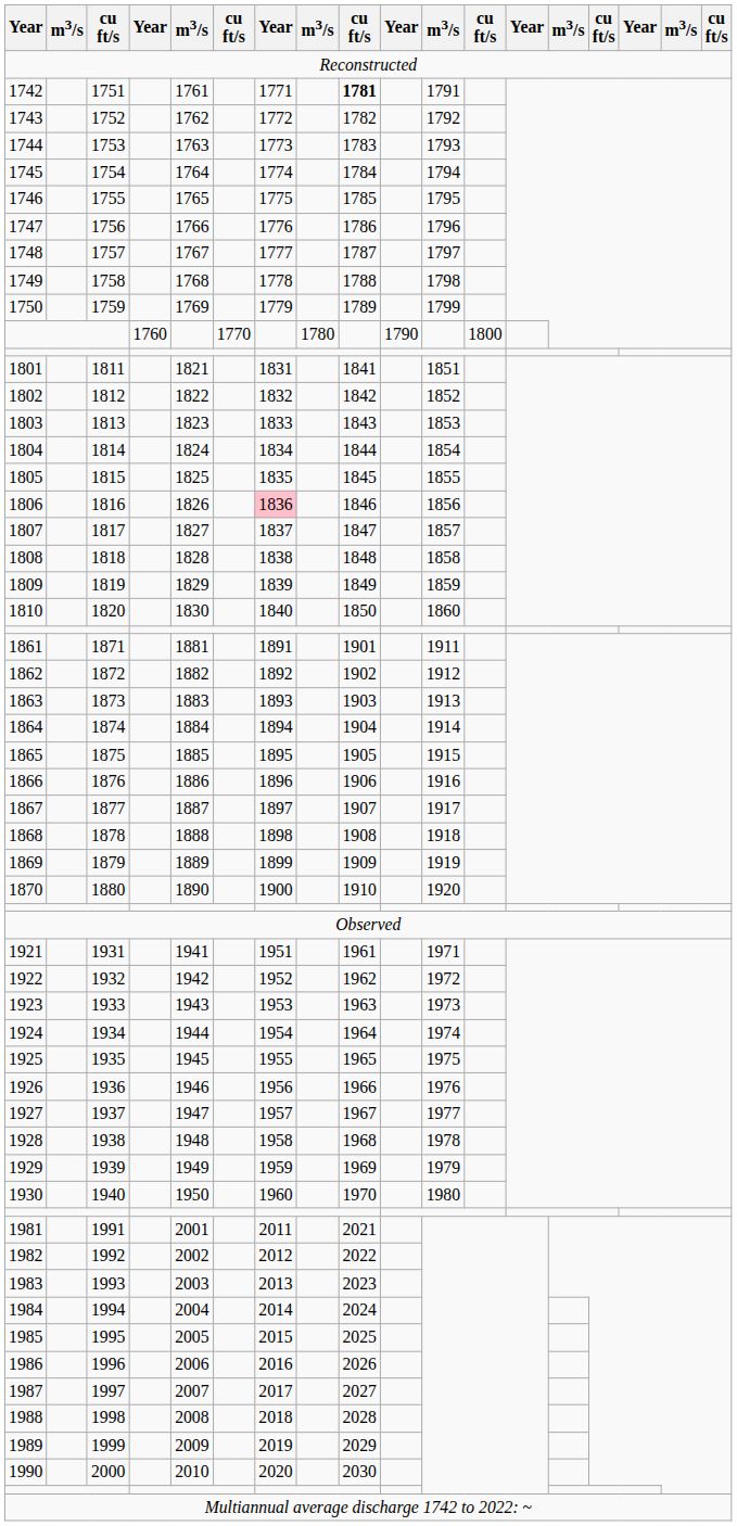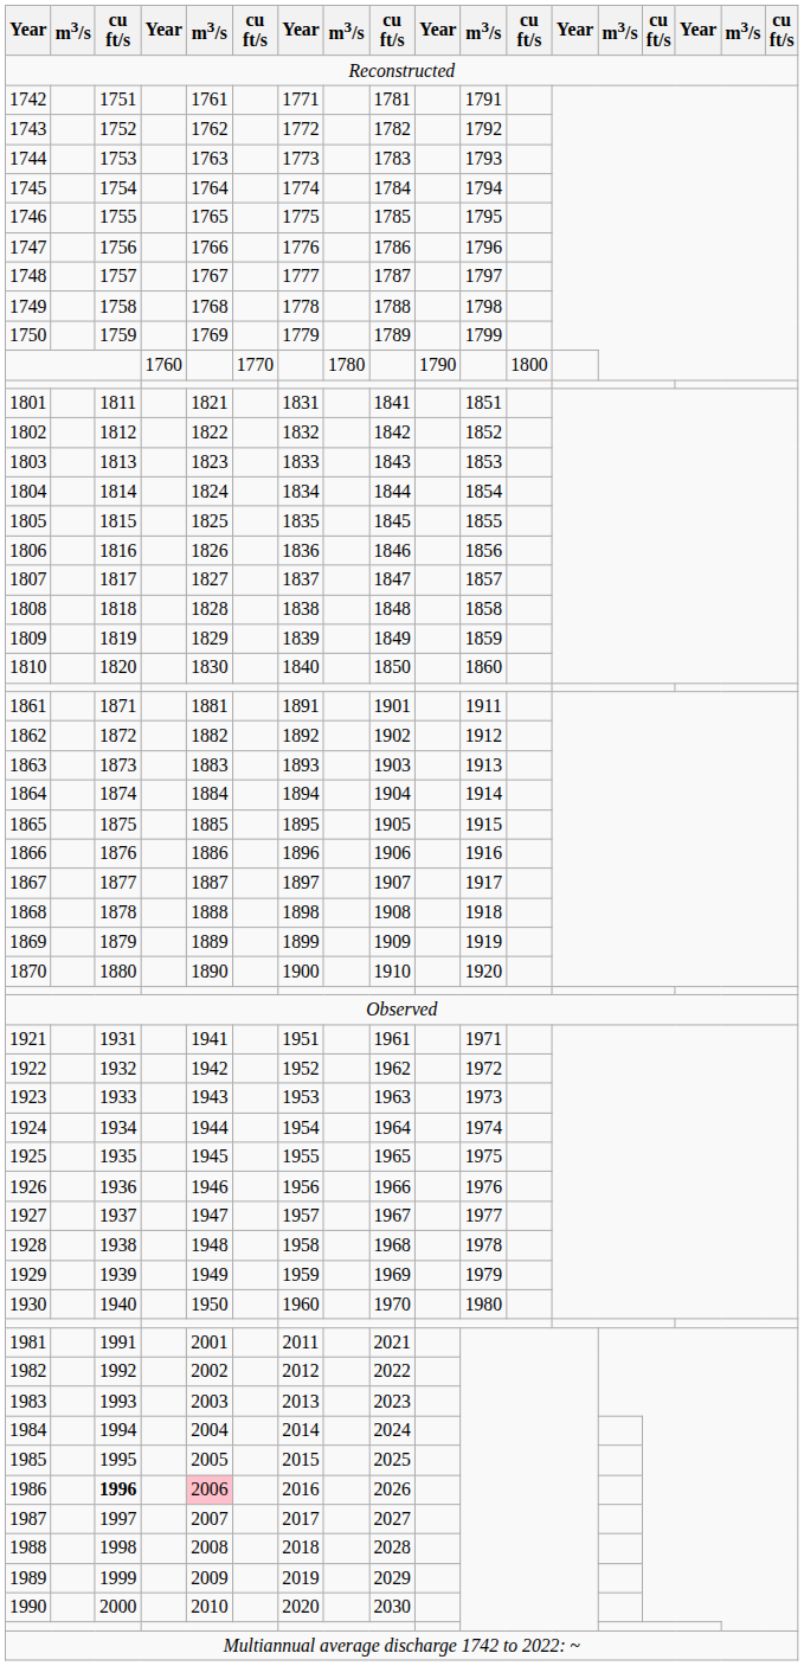 <table class="wikitable" style="text-align:center;">
 <tr>
 <th>Year</th>
 <th>m<sup>3</sup>/s</th>
 <th>cu ft/s</th>
 <th>Year</th>
 <th>m<sup>3</sup>/s</th>
 <th>cu ft/s</th>
 <th>Year</th>
 <th>m<sup>3</sup>/s</th>
 <th>cu ft/s</th>
 <th>Year</th>
 <th>m<sup>3</sup>/s</th>
 <th>cu ft/s</th>
 <th>Year</th>
 <th>m<sup>3</sup>/s</th>
 <th>cu ft/s</th>
 <th>Year</th>
 <th>m<sup>3</sup>/s</th>
 <th>cu ft/s</th>
 </tr>
 <tr>
 <td colspan="18"><em>Reconstructed</em></td>
 </tr>
 <tr>
 <td>1742</td>
 <td></td>
 <td>1751</td>
 <td></td>
 <td>1761</td>
 <td></td>
 <td>1771</td>
 <td></td>
-<td><strong>1781</strong></td>
+<td>1781</td>
 <td></td>
 <td>1791</td>
 <td></td>
 </tr>
 <tr>
 <td>1743</td>
 <td></td>
 <td>1752</td>
 <td></td>
 <td>1762</td>
 <td></td>
 <td>1772</td>
 <td></td>
 <td>1782</td>
 <td></td>
 <td>1792</td>
 <td></td>
 </tr>
 <tr>
 <td>1744</td>
 <td></td>
 <td>1753</td>
 <td></td>
 <td>1763</td>
 <td></td>
 <td>1773</td>
 <td></td>
 <td>1783</td>
 <td></td>
 <td>1793</td>
 <td></td>
 </tr>
 <tr>
 <td>1745</td>
 <td></td>
 <td>1754</td>
 <td></td>
 <td>1764</td>
 <td></td>
 <td>1774</td>
 <td></td>
 <td>1784</td>
 <td></td>
 <td>1794</td>
 <td></td>
 </tr>
 <tr>
 <td>1746</td>
 <td></td>
 <td>1755</td>
 <td></td>
 <td>1765</td>
 <td></td>
 <td>1775</td>
 <td></td>
 <td>1785</td>
 <td></td>
 <td>1795</td>
 <td></td>
 </tr>
 <tr>
 <td>1747</td>
 <td></td>
 <td>1756</td>
 <td></td>
 <td>1766</td>
 <td></td>
 <td>1776</td>
 <td></td>
 <td>1786</td>
 <td></td>
 <td>1796</td>
 <td></td>
 </tr>
 <tr>
 <td>1748</td>
 <td></td>
 <td>1757</td>
 <td></td>
 <td>1767</td>
 <td></td>
 <td>1777</td>
 <td></td>
 <td>1787</td>
 <td></td>
 <td>1797</td>
 <td></td>
 </tr>
 <tr>
 <td>1749</td>
 <td></td>
 <td>1758</td>
 <td></td>
 <td>1768</td>
 <td></td>
 <td>1778</td>
 <td></td>
 <td>1788</td>
 <td></td>
 <td>1798</td>
 <td></td>
 </tr>
 <tr>
 <td>1750</td>
 <td></td>
 <td>1759</td>
 <td></td>
 <td>1769</td>
 <td></td>
 <td>1779</td>
 <td></td>
 <td>1789</td>
 <td></td>
 <td>1799</td>
 <td></td>
 </tr>
 <tr>
 <td colspan="3"></td>
 <td>1760</td>
 <td></td>
 <td>1770</td>
 <td></td>
 <td>1780</td>
 <td></td>
 <td>1790</td>
 <td></td>
 <td>1800</td>
 <td></td>
 </tr>
 <tr>
 <td colspan="3"><strong></strong></td>
 <td colspan="3"><strong></strong></td>
 <td colspan="3"><strong></strong></td>
 <td colspan="3"><strong></strong></td>
 <td colspan="3"><strong></strong></td>
 <td colspan="3"><strong></strong></td>
 </tr>
 <tr>
 <td>1801</td>
 <td></td>
 <td>1811</td>
 <td></td>
 <td>1821</td>
 <td></td>
 <td>1831</td>
 <td></td>
 <td>1841</td>
 <td></td>
 <td>1851</td>
 <td></td>
 </tr>
 <tr>
 <td>1802</td>
 <td></td>
 <td>1812</td>
 <td></td>
 <td>1822</td>
 <td></td>
 <td>1832</td>
 <td></td>
 <td>1842</td>
 <td></td>
 <td>1852</td>
 <td></td>
 </tr>
 <tr>
 <td>1803</td>
 <td></td>
 <td>1813</td>
 <td></td>
 <td>1823</td>
 <td></td>
 <td>1833</td>
 <td></td>
 <td>1843</td>
 <td></td>
 <td>1853</td>
 <td></td>
 </tr>
 <tr>
 <td>1804</td>
 <td></td>
 <td>1814</td>
 <td></td>
 <td>1824</td>
 <td></td>
 <td>1834</td>
 <td></td>
 <td>1844</td>
 <td></td>
 <td>1854</td>
 <td></td>
 </tr>
 <tr>
 <td>1805</td>
 <td></td>
 <td>1815</td>
 <td></td>
 <td>1825</td>
 <td></td>
 <td>1835</td>
 <td></td>
 <td>1845</td>
 <td></td>
 <td>1855</td>
 <td></td>
 </tr>
 <tr>
 <td>1806</td>
 <td></td>
 <td>1816</td>
 <td></td>
 <td>1826</td>
 <td></td>
-<td style="background: pink;">1836</td>
+<td>1836</td>
 <td></td>
 <td>1846</td>
 <td></td>
 <td>1856</td>
 <td></td>
 </tr>
 <tr>
 <td>1807</td>
 <td></td>
 <td>1817</td>
 <td></td>
 <td>1827</td>
 <td></td>
 <td>1837</td>
 <td></td>
 <td>1847</td>
 <td></td>
 <td>1857</td>
 <td></td>
 </tr>
 <tr>
 <td>1808</td>
 <td></td>
 <td>1818</td>
 <td></td>
 <td>1828</td>
 <td></td>
 <td>1838</td>
 <td></td>
 <td>1848</td>
 <td></td>
 <td>1858</td>
 <td></td>
 </tr>
 <tr>
 <td>1809</td>
 <td></td>
 <td>1819</td>
 <td></td>
 <td>1829</td>
 <td></td>
 <td>1839</td>
 <td></td>
 <td>1849</td>
 <td></td>
 <td>1859</td>
 <td></td>
 </tr>
 <tr>
 <td>1810</td>
 <td></td>
 <td>1820</td>
 <td></td>
 <td>1830</td>
 <td></td>
 <td>1840</td>
 <td></td>
 <td>1850</td>
 <td></td>
 <td>1860</td>
 <td></td>
 </tr>
 <tr>
 <td colspan="3"><strong></strong></td>
 <td colspan="3"><strong></strong></td>
 <td colspan="3"><strong></strong></td>
 <td colspan="3"><strong></strong></td>
 <td colspan="3"><strong></strong></td>
 <td colspan="3"><strong></strong></td>
 </tr>
 <tr>
 <td>1861</td>
 <td></td>
 <td>1871</td>
 <td></td>
 <td>1881</td>
 <td></td>
 <td>1891</td>
 <td></td>
 <td>1901</td>
 <td></td>
 <td>1911</td>
 <td></td>
 </tr>
 <tr>
 <td>1862</td>
 <td></td>
 <td>1872</td>
 <td></td>
 <td>1882</td>
 <td></td>
 <td>1892</td>
 <td></td>
 <td>1902</td>
 <td></td>
 <td>1912</td>
 <td></td>
 </tr>
 <tr>
 <td>1863</td>
 <td></td>
 <td>1873</td>
 <td></td>
 <td>1883</td>
 <td></td>
 <td>1893</td>
 <td></td>
 <td>1903</td>
 <td></td>
 <td>1913</td>
 <td></td>
 </tr>
 <tr>
 <td>1864</td>
 <td></td>
 <td>1874</td>
 <td></td>
 <td>1884</td>
 <td></td>
 <td>1894</td>
 <td></td>
 <td>1904</td>
 <td></td>
 <td>1914</td>
 <td></td>
 </tr>
 <tr>
 <td>1865</td>
 <td></td>
 <td>1875</td>
 <td></td>
 <td>1885</td>
 <td></td>
 <td>1895</td>
 <td></td>
 <td>1905</td>
 <td></td>
 <td>1915</td>
 <td></td>
 </tr>
 <tr>
 <td>1866</td>
 <td></td>
 <td>1876</td>
 <td></td>
 <td>1886</td>
 <td></td>
 <td>1896</td>
 <td></td>
 <td>1906</td>
 <td></td>
 <td>1916</td>
 <td></td>
 </tr>
 <tr>
 <td>1867</td>
 <td></td>
 <td>1877</td>
 <td></td>
 <td>1887</td>
 <td></td>
 <td>1897</td>
 <td></td>
 <td>1907</td>
 <td></td>
 <td>1917</td>
 <td></td>
 </tr>
 <tr>
 <td>1868</td>
 <td></td>
 <td>1878</td>
 <td></td>
 <td>1888</td>
 <td></td>
 <td>1898</td>
 <td></td>
 <td>1908</td>
 <td></td>
 <td>1918</td>
 <td></td>
 </tr>
 <tr>
 <td>1869</td>
 <td></td>
 <td>1879</td>
 <td></td>
 <td>1889</td>
 <td></td>
 <td>1899</td>
 <td></td>
 <td>1909</td>
 <td></td>
 <td>1919</td>
 <td></td>
 </tr>
 <tr>
 <td>1870</td>
 <td></td>
 <td>1880</td>
 <td></td>
 <td>1890</td>
 <td></td>
 <td>1900</td>
 <td></td>
 <td>1910</td>
 <td></td>
 <td>1920</td>
 <td></td>
 </tr>
 <tr>
 <td colspan="3"><strong></strong></td>
 <td colspan="3"><strong></strong></td>
 <td colspan="3"><strong></strong></td>
 <td colspan="3"><strong></strong></td>
 <td colspan="3"><strong></strong></td>
 <td colspan="3"><strong></strong></td>
 </tr>
 <tr>
 <td colspan="18"><em>Observed</em></td>
 </tr>
 <tr>
 <td>1921</td>
 <td></td>
 <td>1931</td>
 <td></td>
 <td>1941</td>
 <td></td>
 <td>1951</td>
 <td></td>
 <td>1961</td>
 <td></td>
 <td>1971</td>
 <td></td>
 </tr>
 <tr>
 <td>1922</td>
 <td></td>
 <td>1932</td>
 <td></td>
 <td>1942</td>
 <td></td>
 <td>1952</td>
 <td></td>
 <td>1962</td>
 <td></td>
 <td>1972</td>
 <td></td>
 </tr>
 <tr>
 <td>1923</td>
 <td></td>
 <td>1933</td>
 <td></td>
 <td>1943</td>
 <td></td>
 <td>1953</td>
 <td></td>
 <td>1963</td>
 <td></td>
 <td>1973</td>
 <td></td>
 </tr>
 <tr>
 <td>1924</td>
 <td></td>
 <td>1934</td>
 <td></td>
 <td>1944</td>
 <td></td>
 <td>1954</td>
 <td></td>
 <td>1964</td>
 <td></td>
 <td>1974</td>
 <td></td>
 </tr>
 <tr>
 <td>1925</td>
 <td></td>
 <td>1935</td>
 <td></td>
 <td>1945</td>
 <td></td>
 <td>1955</td>
 <td></td>
 <td>1965</td>
 <td></td>
 <td>1975</td>
 <td></td>
 </tr>
 <tr>
 <td>1926</td>
 <td></td>
 <td>1936</td>
 <td></td>
 <td>1946</td>
 <td></td>
 <td>1956</td>
 <td></td>
 <td>1966</td>
 <td></td>
 <td>1976</td>
 <td></td>
 </tr>
 <tr>
 <td>1927</td>
 <td></td>
 <td>1937</td>
 <td></td>
 <td>1947</td>
 <td></td>
 <td>1957</td>
 <td></td>
 <td>1967</td>
 <td></td>
 <td>1977</td>
 <td></td>
 </tr>
 <tr>
 <td>1928</td>
 <td></td>
 <td>1938</td>
 <td></td>
 <td>1948</td>
 <td></td>
 <td>1958</td>
 <td></td>
 <td>1968</td>
 <td></td>
 <td>1978</td>
 <td></td>
 </tr>
 <tr>
 <td>1929</td>
 <td></td>
 <td>1939</td>
 <td></td>
 <td>1949</td>
 <td></td>
 <td>1959</td>
 <td></td>
 <td>1969</td>
 <td></td>
 <td>1979</td>
 <td></td>
 </tr>
 <tr>
 <td>1930</td>
 <td></td>
 <td>1940</td>
 <td></td>
 <td>1950</td>
 <td></td>
 <td>1960</td>
 <td></td>
 <td>1970</td>
 <td></td>
 <td>1980</td>
 <td></td>
 </tr>
 <tr>
 <td colspan="3"><strong></strong></td>
 <td colspan="3"><strong></strong></td>
 <td colspan="3"><strong></strong></td>
 <td colspan="3"><strong></strong></td>
 <td colspan="3"><strong></strong></td>
 <td colspan="3"><strong></strong></td>
 </tr>
 <tr>
 <td>1981</td>
 <td></td>
 <td>1991</td>
 <td></td>
 <td>2001</td>
 <td></td>
 <td>2011</td>
 <td></td>
 <td>2021</td>
 <td></td>
 <td colspan="3" rowspan="11"></td>
 </tr>
 <tr>
 <td>1982</td>
 <td></td>
 <td>1992</td>
 <td></td>
 <td>2002</td>
 <td></td>
 <td>2012</td>
 <td></td>
 <td>2022</td>
 <td></td>
 </tr>
 <tr>
 <td>1983</td>
 <td></td>
 <td>1993</td>
 <td></td>
 <td>2003</td>
 <td></td>
 <td>2013</td>
 <td></td>
 <td>2023</td>
 <td></td>
 </tr>
 <tr>
 <td>1984</td>
 <td></td>
 <td>1994</td>
 <td></td>
 <td>2004</td>
 <td></td>
 <td>2014</td>
 <td></td>
 <td>2024</td>
 <td></td>
 <td></td>
 </tr>
 <tr>
 <td>1985</td>
 <td></td>
 <td>1995</td>
 <td></td>
 <td>2005</td>
 <td></td>
 <td>2015</td>
 <td></td>
 <td>2025</td>
 <td></td>
 <td></td>
 </tr>
 <tr>
 <td>1986</td>
 <td></td>
-<td>1996</td>
+<td><strong>1996</strong></td>
 <td></td>
-<td>2006</td>
+<td style="background: pink;">2006</td>
 <td></td>
 <td>2016</td>
 <td></td>
 <td>2026</td>
 <td></td>
 <td></td>
 </tr>
 <tr>
 <td>1987</td>
 <td></td>
 <td>1997</td>
 <td></td>
 <td>2007</td>
 <td></td>
 <td>2017</td>
 <td></td>
 <td>2027</td>
 <td></td>
 <td></td>
 </tr>
 <tr>
 <td>1988</td>
 <td></td>
 <td>1998</td>
 <td></td>
 <td>2008</td>
 <td></td>
 <td>2018</td>
 <td></td>
 <td>2028</td>
 <td></td>
 <td></td>
 </tr>
 <tr>
 <td>1989</td>
 <td></td>
 <td>1999</td>
 <td></td>
 <td>2009</td>
 <td></td>
 <td>2019</td>
 <td></td>
 <td>2029</td>
 <td></td>
 <td></td>
 </tr>
 <tr>
 <td>1990</td>
 <td></td>
 <td>2000</td>
 <td></td>
 <td>2010</td>
 <td></td>
 <td>2020</td>
 <td></td>
 <td>2030</td>
 <td></td>
 <td></td>
 </tr>
 <tr>
 <td colspan="3"><strong></strong></td>
 <td colspan="3"><strong></strong></td>
 <td colspan="3"><strong></strong></td>
 <td colspan="3"><strong></strong></td>
 <td colspan="3"><strong></strong></td>
 </tr>
 <tr>
 <td colspan="18"><em>Multiannual average discharge 1742 to 2022:</em> ~ <strong><em></em></strong></td>
 </tr>
 </table>
